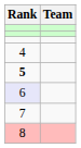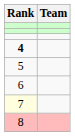 <table class=wikitable style="text-align:center;">
 <tr>
 <th>Rank</th>
 <th>Team</th>
 </tr>
 <tr bgcolor=ccffcc>
 <td></td>
 <td align=left></td>
 </tr>
 <tr bgcolor=ccffcc>
 <td></td>
 <td align=left></td>
 </tr>
 <tr>
 <td></td>
 <td align=left></td>
 </tr>
 <tr>
-<td>4</td>
+<td><strong>4</strong></td>
 <td align=left></td>
 </tr>
 <tr>
-<td><strong>5</strong></td>
+<td>5</td>
 <td align=left></td>
 </tr>
 <tr>
-<td style="background: lavender;">6</td>
+<td>6</td>
 <td align=left></td>
 </tr>
 <tr>
-<td>7</td>
+<td style="background: lightyellow;">7</td>
 <td align=left></td>
 </tr>
 <tr bgcolor=ffbbbb>
 <td>8</td>
 <td align=left></td>
 </tr>
 </table>
